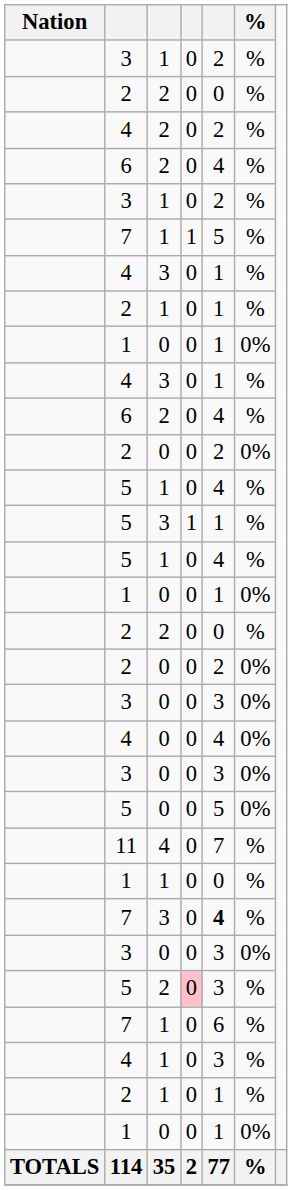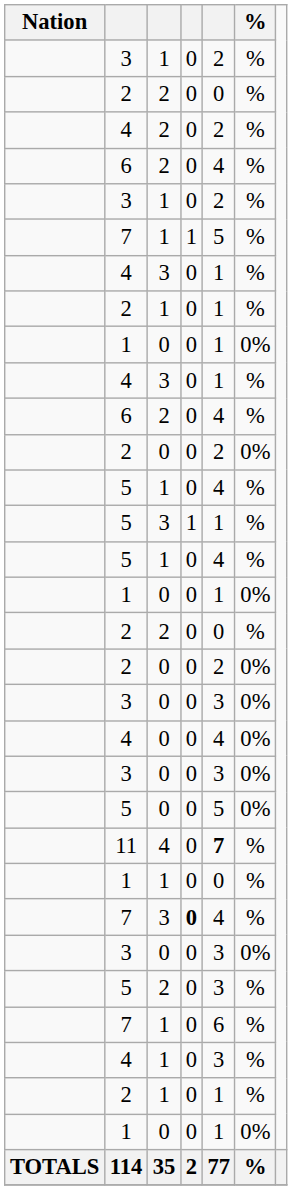 <table class="wikitable sortable" style="text-align:center">
 <tr>
 <th>Nation</th>
 <th></th>
 <th></th>
 <th></th>
 <th></th>
 <th>%</th>
 </tr>
 <tr>
 <td align=left></td>
 <td>3</td>
 <td>1</td>
 <td>0</td>
 <td>2</td>
 <td>%</td>
 </tr>
 <tr>
 <td align=left></td>
 <td>2</td>
 <td>2</td>
 <td>0</td>
 <td>0</td>
 <td>%</td>
 </tr>
 <tr>
 <td align=left></td>
 <td>4</td>
 <td>2</td>
 <td>0</td>
 <td>2</td>
 <td>%</td>
 </tr>
 <tr>
 <td align=left></td>
 <td>6</td>
 <td>2</td>
 <td>0</td>
 <td>4</td>
 <td>%</td>
 </tr>
 <tr>
 <td align=left></td>
 <td>3</td>
 <td>1</td>
 <td>0</td>
 <td>2</td>
 <td>%</td>
 </tr>
 <tr>
 <td align=left></td>
 <td>7</td>
 <td>1</td>
 <td>1</td>
 <td>5</td>
 <td>%</td>
 </tr>
 <tr>
 <td align=left></td>
 <td>4</td>
 <td>3</td>
 <td>0</td>
 <td>1</td>
 <td>%</td>
 </tr>
 <tr>
 <td align=left></td>
 <td>2</td>
 <td>1</td>
 <td>0</td>
 <td>1</td>
 <td>%</td>
 </tr>
 <tr>
 <td align=left></td>
 <td>1</td>
 <td>0</td>
 <td>0</td>
 <td>1</td>
 <td>0%</td>
 </tr>
 <tr>
 <td align=left></td>
 <td>4</td>
 <td>3</td>
 <td>0</td>
 <td>1</td>
 <td>%</td>
 </tr>
 <tr>
 <td align=left></td>
 <td>6</td>
 <td>2</td>
 <td>0</td>
 <td>4</td>
 <td>%</td>
 </tr>
 <tr>
 <td align=left></td>
 <td>2</td>
 <td>0</td>
 <td>0</td>
 <td>2</td>
 <td>0%</td>
 </tr>
 <tr>
 <td align=left></td>
 <td>5</td>
 <td>1</td>
 <td>0</td>
 <td>4</td>
 <td>%</td>
 </tr>
 <tr>
 <td align=left></td>
 <td>5</td>
 <td>3</td>
 <td>1</td>
 <td>1</td>
 <td>%</td>
 </tr>
 <tr>
 <td align=left></td>
 <td>5</td>
 <td>1</td>
 <td>0</td>
 <td>4</td>
 <td>%</td>
 </tr>
 <tr>
 <td align=left></td>
 <td>1</td>
 <td>0</td>
 <td>0</td>
 <td>1</td>
 <td>0%</td>
 </tr>
 <tr>
 <td align=left></td>
 <td>2</td>
 <td>2</td>
 <td>0</td>
 <td>0</td>
 <td>%</td>
 </tr>
 <tr>
 <td align=left></td>
 <td>2</td>
 <td>0</td>
 <td>0</td>
 <td>2</td>
 <td>0%</td>
 </tr>
 <tr>
 <td align=left></td>
 <td>3</td>
 <td>0</td>
 <td>0</td>
 <td>3</td>
 <td>0%</td>
 </tr>
 <tr>
 <td align=left></td>
 <td>4</td>
 <td>0</td>
 <td>0</td>
 <td>4</td>
 <td>0%</td>
 </tr>
 <tr>
 <td align=left></td>
 <td>3</td>
 <td>0</td>
 <td>0</td>
 <td>3</td>
 <td>0%</td>
 </tr>
 <tr>
 <td align=left></td>
 <td>5</td>
 <td>0</td>
 <td>0</td>
 <td>5</td>
 <td>0%</td>
 </tr>
 <tr>
 <td align=left></td>
 <td>11</td>
 <td>4</td>
 <td>0</td>
-<td>7</td>
+<td><strong>7</strong></td>
 <td>%</td>
 </tr>
 <tr>
 <td align=left></td>
 <td>1</td>
 <td>1</td>
 <td>0</td>
 <td>0</td>
 <td>%</td>
 </tr>
 <tr>
 <td align=left></td>
 <td>7</td>
 <td>3</td>
-<td>0</td>
-<td><strong>4</strong></td>
+<td><strong>0</strong></td>
+<td>4</td>
 <td>%</td>
 </tr>
 <tr>
 <td align=left></td>
 <td>3</td>
 <td>0</td>
 <td>0</td>
 <td>3</td>
 <td>0%</td>
 </tr>
 <tr>
 <td align=left></td>
 <td>5</td>
 <td>2</td>
-<td style="background: pink;">0</td>
+<td>0</td>
 <td>3</td>
 <td>%</td>
 </tr>
 <tr>
 <td align=left></td>
 <td>7</td>
 <td>1</td>
 <td>0</td>
 <td>6</td>
 <td>%</td>
 </tr>
 <tr>
 <td align=left></td>
 <td>4</td>
 <td>1</td>
 <td>0</td>
 <td>3</td>
 <td>%</td>
 </tr>
 <tr>
 <td align=left></td>
 <td>2</td>
 <td>1</td>
 <td>0</td>
 <td>1</td>
 <td>%</td>
 </tr>
 <tr>
 <td align=left></td>
 <td>1</td>
 <td>0</td>
 <td>0</td>
 <td>1</td>
 <td>0%</td>
 </tr>
 <tr>
 <th align=left><strong>TOTALS</strong></th>
 <th><strong>114</strong></th>
 <th><strong>35</strong></th>
 <th><strong>2</strong></th>
 <th><strong>77</strong></th>
 <th><strong>%</strong></th>
 <th></th>
 </tr>
 <tr>
 </tr>
 </table>
